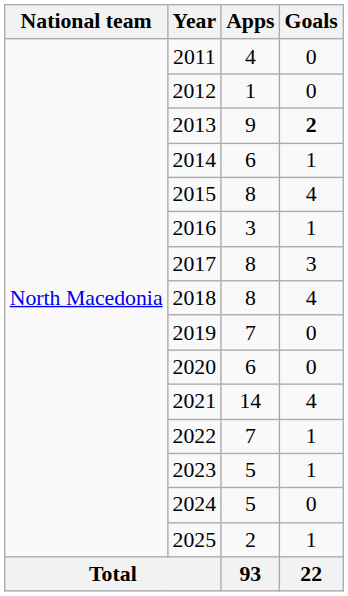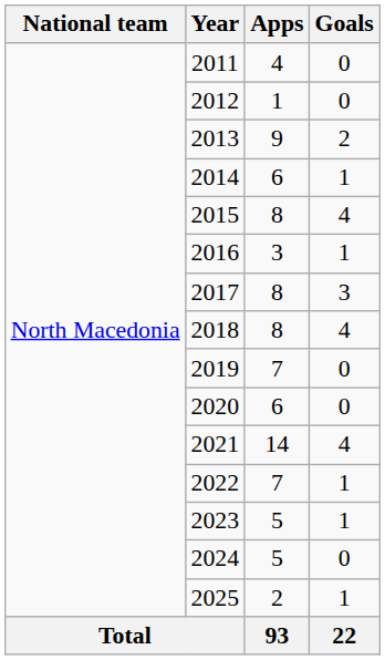 <table class="wikitable" style="text-align:center">
 <tr>
 <th>National team</th>
 <th>Year</th>
 <th>Apps</th>
 <th>Goals</th>
 </tr>
 <tr>
 <td rowspan="15"><a href='#'>North Macedonia</a></td>
 <td>2011</td>
 <td>4</td>
 <td>0</td>
 </tr>
 <tr>
 <td>2012</td>
 <td>1</td>
 <td>0</td>
 </tr>
 <tr>
 <td>2013</td>
 <td>9</td>
-<td><strong>2</strong></td>
+<td>2</td>
 </tr>
 <tr>
 <td>2014</td>
 <td>6</td>
 <td>1</td>
 </tr>
 <tr>
 <td>2015</td>
 <td>8</td>
 <td>4</td>
 </tr>
 <tr>
 <td>2016</td>
 <td>3</td>
 <td>1</td>
 </tr>
 <tr>
 <td>2017</td>
 <td>8</td>
 <td>3</td>
 </tr>
 <tr>
 <td>2018</td>
 <td>8</td>
 <td>4</td>
 </tr>
 <tr>
 <td>2019</td>
 <td>7</td>
 <td>0</td>
 </tr>
 <tr>
 <td>2020</td>
 <td>6</td>
 <td>0</td>
 </tr>
 <tr>
 <td>2021</td>
 <td>14</td>
 <td>4</td>
 </tr>
 <tr>
 <td>2022</td>
 <td>7</td>
 <td>1</td>
 </tr>
 <tr>
 <td>2023</td>
 <td>5</td>
 <td>1</td>
 </tr>
 <tr>
 <td>2024</td>
 <td>5</td>
 <td>0</td>
 </tr>
 <tr>
 <td>2025</td>
 <td>2</td>
 <td>1</td>
 </tr>
 <tr>
 <th colspan="2">Total</th>
 <th>93</th>
 <th>22</th>
 </tr>
 </table>
